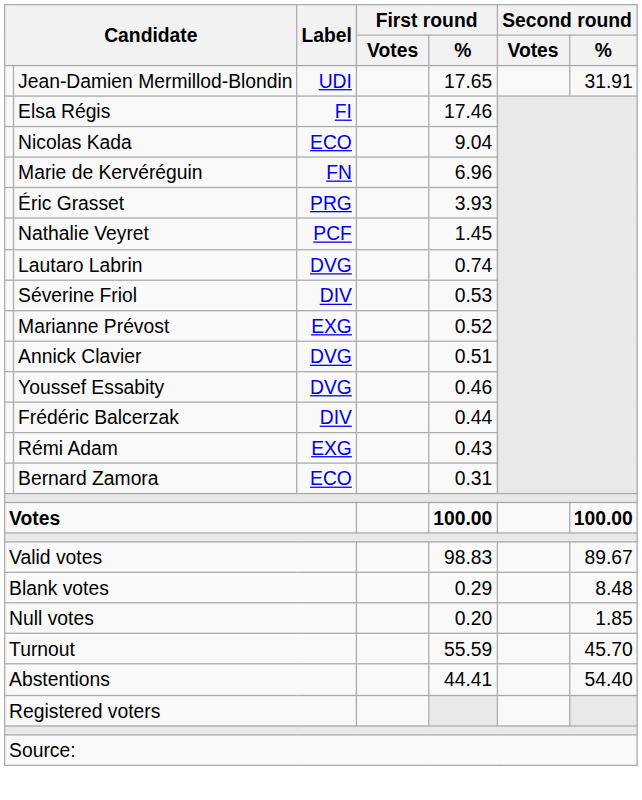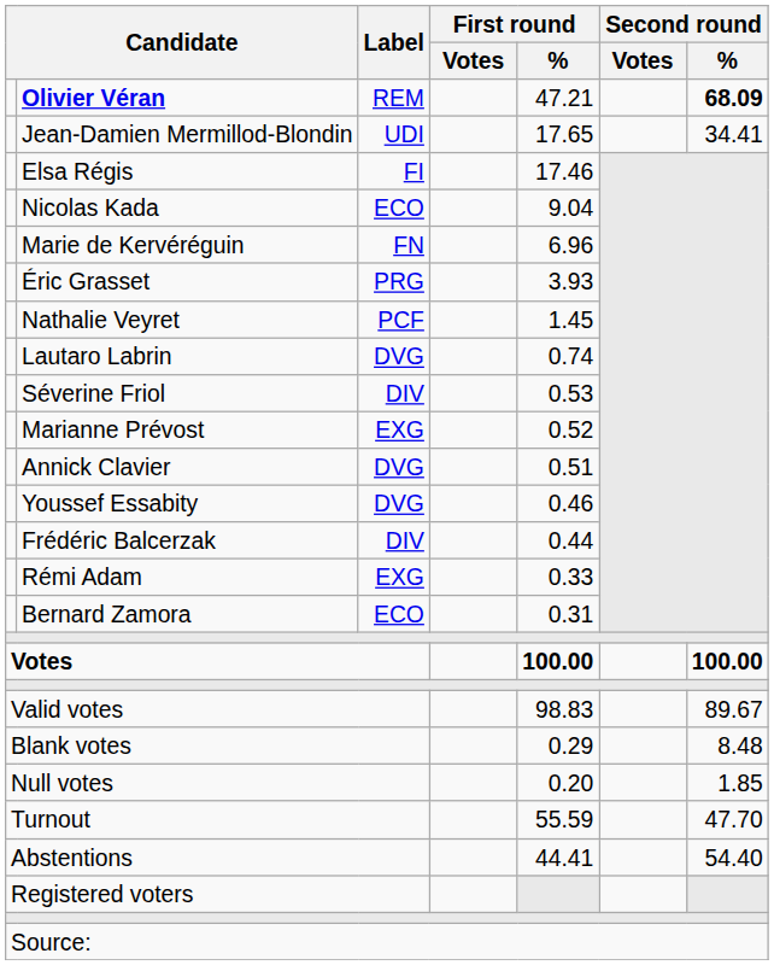 <table class="wikitable" style="text-align:right;font-size:95%;">
 <tr>
 <th rowspan="2" colspan="2">Candidate</th>
 <th rowspan="2">Label</th>
 <th colspan="2">First round</th>
 <th colspan="2">Second round</th>
 </tr>
 <tr>
 <th style="width:50px;">Votes</th>
 <th style="width:45px;">%</th>
 <th style="width:50px;">Votes</th>
 <th style="width:45px;">%</th>
 </tr>
 <tr>
 <td style="color:inherit;background:"></td>
+<td style="text-align:left;"><strong><a href='#'>Olivier Véran</a></strong></td>
+<td><a href='#'>REM</a></td>
+<td></td>
+<td>47.21</td>
+<td><strong></strong></td>
+<td><strong>68.09</strong></td>
+</tr>
+<tr>
+<td style="color:inherit;background:"></td>
 <td style="text-align:left;">Jean-Damien Mermillod-Blondin</td>
 <td><a href='#'>UDI</a></td>
 <td></td>
 <td>17.65</td>
 <td></td>
-<td>31.91</td>
+<td>34.41</td>
 </tr>
 <tr>
 <td style="color:inherit;background:"></td>
 <td style="text-align:left;">Elsa Régis</td>
 <td><a href='#'>FI</a></td>
 <td></td>
 <td>17.46</td>
 <td colspan="2" rowspan="13" style="background:#E9E9E9;"></td>
 </tr>
 <tr>
 <td style="color:inherit;background:"></td>
 <td style="text-align:left;">Nicolas Kada</td>
 <td><a href='#'>ECO</a></td>
 <td></td>
 <td>9.04</td>
 </tr>
 <tr>
 <td style="color:inherit;background:"></td>
 <td style="text-align:left;">Marie de Kervéréguin</td>
 <td><a href='#'>FN</a></td>
 <td></td>
 <td>6.96</td>
 </tr>
 <tr>
 <td style="color:inherit;background:"></td>
 <td style="text-align:left;">Éric Grasset</td>
 <td><a href='#'>PRG</a></td>
 <td></td>
 <td>3.93</td>
 </tr>
 <tr>
 <td style="color:inherit;background:"></td>
 <td style="text-align:left;">Nathalie Veyret</td>
 <td><a href='#'>PCF</a></td>
 <td></td>
 <td>1.45</td>
 </tr>
 <tr>
 <td style="color:inherit;background:"></td>
 <td style="text-align:left;">Lautaro Labrin</td>
 <td><a href='#'>DVG</a></td>
 <td></td>
 <td>0.74</td>
 </tr>
 <tr>
 <td style="color:inherit;background:"></td>
 <td style="text-align:left;">Séverine Friol</td>
 <td><a href='#'>DIV</a></td>
 <td></td>
 <td>0.53</td>
 </tr>
 <tr>
 <td style="color:inherit;background:"></td>
 <td style="text-align:left;">Marianne Prévost</td>
 <td><a href='#'>EXG</a></td>
 <td></td>
 <td>0.52</td>
 </tr>
 <tr>
 <td style="color:inherit;background:"></td>
 <td style="text-align:left;">Annick Clavier</td>
 <td><a href='#'>DVG</a></td>
 <td></td>
 <td>0.51</td>
 </tr>
 <tr>
 <td style="color:inherit;background:"></td>
 <td style="text-align:left;">Youssef Essabity</td>
 <td><a href='#'>DVG</a></td>
 <td></td>
 <td>0.46</td>
 </tr>
 <tr>
 <td style="color:inherit;background:"></td>
 <td style="text-align:left;">Frédéric Balcerzak</td>
 <td><a href='#'>DIV</a></td>
 <td></td>
 <td>0.44</td>
 </tr>
 <tr>
 <td style="color:inherit;background:"></td>
 <td style="text-align:left;">Rémi Adam</td>
 <td><a href='#'>EXG</a></td>
 <td></td>
-<td>0.43</td>
+<td>0.33</td>
 </tr>
 <tr>
 <td style="color:inherit;background:"></td>
 <td style="text-align:left;">Bernard Zamora</td>
 <td><a href='#'>ECO</a></td>
 <td></td>
 <td>0.31</td>
 </tr>
 <tr>
 <td colspan="7" style="background:#E9E9E9;"></td>
 </tr>
 <tr style="font-weight:bold;">
 <td colspan="3" style="text-align:left;">Votes</td>
 <td></td>
 <td>100.00</td>
 <td></td>
 <td>100.00</td>
 </tr>
 <tr>
 <td colspan="7" style="background:#E9E9E9;"></td>
 </tr>
 <tr>
 <td colspan="3" style="text-align:left;">Valid votes</td>
 <td></td>
 <td>98.83</td>
 <td></td>
 <td>89.67</td>
 </tr>
 <tr>
 <td colspan="3" style="text-align:left;">Blank votes</td>
 <td></td>
 <td>0.29</td>
 <td></td>
 <td>8.48</td>
 </tr>
 <tr>
 <td colspan="3" style="text-align:left;">Null votes</td>
 <td></td>
 <td>0.20</td>
 <td></td>
 <td>1.85</td>
 </tr>
 <tr>
 <td colspan="3" style="text-align:left;">Turnout</td>
 <td></td>
 <td>55.59</td>
 <td></td>
-<td>45.70</td>
+<td>47.70</td>
 </tr>
 <tr>
 <td colspan="3" style="text-align:left;">Abstentions</td>
 <td></td>
 <td>44.41</td>
 <td></td>
 <td>54.40</td>
 </tr>
 <tr>
 <td colspan="3" style="text-align:left;">Registered voters</td>
 <td></td>
 <td style="color:inherit;background:#E9E9E9;"></td>
 <td></td>
 <td style="color:inherit;background:#E9E9E9;"></td>
 </tr>
 <tr>
 <td colspan="7" style="background:#E9E9E9;"></td>
 </tr>
 <tr>
 <td colspan="7" style="text-align:left;">Source: </td>
 </tr>
 </table>
